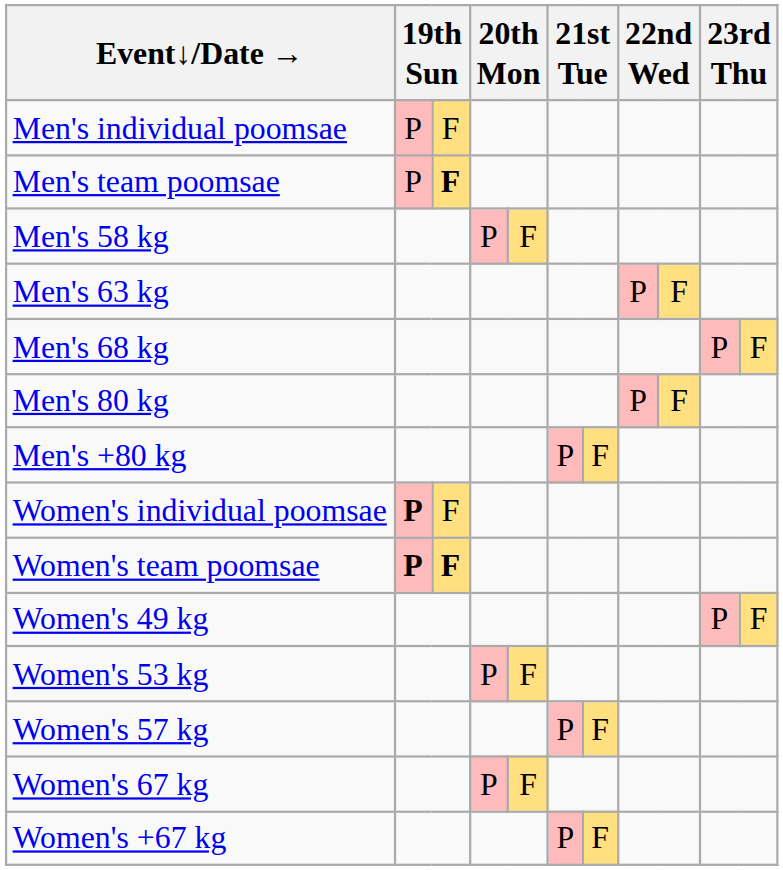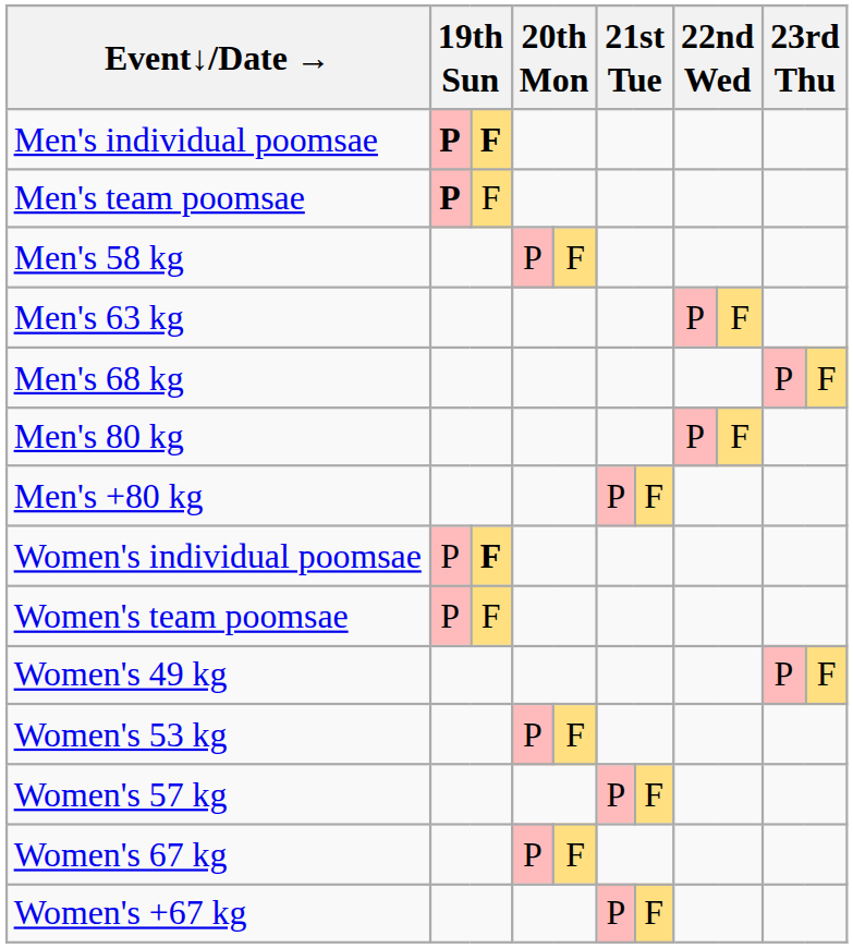 <table class="wikitable" style="margin:0.5em auto; font-size:90%; line-height:1.25em; text-align:center;">
 <tr>
 <th>Event↓/Date →</th>
 <th colspan=2>19th<br>Sun</th>
 <th colspan=2>20th<br>Mon</th>
 <th colspan=2>21st<br>Tue</th>
 <th colspan=2>22nd<br>Wed</th>
 <th colspan=2>23rd<br>Thu</th>
 </tr>
 <tr>
 <td align="left"><a href='#'>Men's individual poomsae</a></td>
-<td bgcolor="#FFBBBB">P</td>
-<td bgcolor="#FFDF80">F</td>
+<td bgcolor="#FFBBBB"><strong>P</strong></td>
+<td bgcolor="#FFDF80"><strong>F</strong></td>
 <td colspan=2></td>
 <td colspan=2></td>
 <td colspan=2></td>
 <td colspan=2></td>
 </tr>
 <tr>
 <td align="left"><a href='#'>Men's team poomsae</a></td>
-<td bgcolor="#FFBBBB">P</td>
-<td bgcolor="#FFDF80"><strong>F</strong></td>
+<td bgcolor="#FFBBBB"><strong>P</strong></td>
+<td bgcolor="#FFDF80">F</td>
 <td colspan=2></td>
 <td colspan=2></td>
 <td colspan=2></td>
 <td colspan=2></td>
 </tr>
 <tr>
 <td align="left"><a href='#'>Men's 58 kg</a></td>
 <td colspan=2></td>
 <td bgcolor="#FFBBBB">P</td>
 <td bgcolor="#FFDF80">F</td>
 <td colspan=2></td>
 <td colspan=2></td>
 <td colspan=2></td>
 </tr>
 <tr>
 <td align="left"><a href='#'>Men's 63 kg</a></td>
 <td colspan=2></td>
 <td colspan=2></td>
 <td colspan=2></td>
 <td bgcolor="#FFBBBB">P</td>
 <td bgcolor="#FFDF80">F</td>
 <td colspan=2></td>
 </tr>
 <tr>
 <td align="left"><a href='#'>Men's 68 kg</a></td>
 <td colspan=2></td>
 <td colspan=2></td>
 <td colspan=2></td>
 <td colspan=2></td>
 <td bgcolor="#FFBBBB">P</td>
 <td bgcolor="#FFDF80">F</td>
 </tr>
 <tr>
 <td align="left"><a href='#'>Men's 80 kg</a></td>
 <td colspan=2></td>
 <td colspan=2></td>
 <td colspan=2></td>
 <td bgcolor="#FFBBBB">P</td>
 <td bgcolor="#FFDF80">F</td>
 <td colspan=2></td>
 </tr>
 <tr>
 <td align="left"><a href='#'>Men's +80 kg</a></td>
 <td colspan=2></td>
 <td colspan=2></td>
 <td bgcolor="#FFBBBB">P</td>
 <td bgcolor="#FFDF80">F</td>
 <td colspan=2></td>
 <td colspan=2></td>
 </tr>
 <tr>
 <td align="left"><a href='#'>Women's individual poomsae</a></td>
-<td bgcolor="#FFBBBB"><strong>P</strong></td>
-<td bgcolor="#FFDF80">F</td>
+<td bgcolor="#FFBBBB">P</td>
+<td bgcolor="#FFDF80"><strong>F</strong></td>
 <td colspan=2></td>
 <td colspan=2></td>
 <td colspan=2></td>
 <td colspan=2></td>
 </tr>
 <tr>
 <td align="left"><a href='#'>Women's team poomsae</a></td>
-<td bgcolor="#FFBBBB"><strong>P</strong></td>
-<td bgcolor="#FFDF80"><strong>F</strong></td>
+<td bgcolor="#FFBBBB">P</td>
+<td bgcolor="#FFDF80">F</td>
 <td colspan=2></td>
 <td colspan=2></td>
 <td colspan=2></td>
 <td colspan=2></td>
 </tr>
 <tr>
 <td align="left"><a href='#'>Women's 49 kg</a></td>
 <td colspan=2></td>
 <td colspan=2></td>
 <td colspan=2></td>
 <td colspan=2></td>
 <td bgcolor="#FFBBBB">P</td>
 <td bgcolor="#FFDF80">F</td>
 </tr>
 <tr>
 <td align="left"><a href='#'>Women's 53 kg</a></td>
 <td colspan=2></td>
 <td bgcolor="#FFBBBB">P</td>
 <td bgcolor="#FFDF80">F</td>
 <td colspan=2></td>
 <td colspan=2></td>
 <td colspan=2></td>
 </tr>
 <tr>
 <td align="left"><a href='#'>Women's 57 kg</a></td>
 <td colspan=2></td>
 <td colspan=2></td>
 <td bgcolor="#FFBBBB">P</td>
 <td bgcolor="#FFDF80">F</td>
 <td colspan=2></td>
 <td colspan=2></td>
 </tr>
 <tr>
 <td align="left"><a href='#'>Women's 67 kg</a></td>
 <td colspan=2></td>
 <td bgcolor="#FFBBBB">P</td>
 <td bgcolor="#FFDF80">F</td>
 <td colspan=2></td>
 <td colspan=2></td>
 <td colspan=2></td>
 </tr>
 <tr>
 <td align="left"><a href='#'>Women's +67 kg</a></td>
 <td colspan=2></td>
 <td colspan=2></td>
 <td bgcolor="#FFBBBB">P</td>
 <td bgcolor="#FFDF80">F</td>
 <td colspan=2></td>
 <td colspan=2></td>
 </tr>
 </table>
